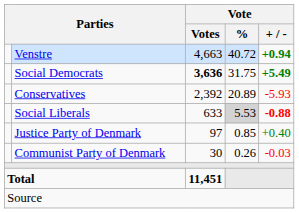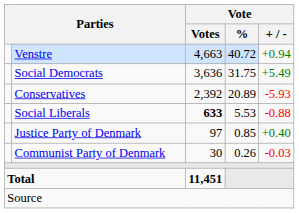 <table class="wikitable" style="text-align:right;">
 <tr>
 <th style="text-align:centre;" rowspan="2" colspan="2" width="225">Parties</th>
 <th colspan="3">Vote</th>
 </tr>
 <tr>
 <th width="15">Votes</th>
 <th width="15">%</th>
 <th width="15">+ / -</th>
 </tr>
 <tr>
 <td width="2" style="color:inherit;background:"></td>
 <td bgcolor=#cfe5fe  align="left"><a href='#'>Venstre</a></td>
 <td bgcolor=#cfe5fe>4,663</td>
 <td bgcolor=#cfe5fe>40.72</td>
-<td style=color:green;><strong>+0.94</strong></td>
+<td style=color:green;>+0.94</td>
 </tr>
 <tr>
 <td width="2" style="color:inherit;background:"></td>
 <td align="left"><a href='#'>Social Democrats</a></td>
-<td><strong>3,636</strong></td>
+<td>3,636</td>
 <td>31.75</td>
-<td style=color:green;><strong>+5.49</strong></td>
+<td style=color:green;>+5.49</td>
 </tr>
 <tr>
 <td width="2" style="color:inherit;background:"></td>
 <td align="left"><a href='#'>Conservatives</a></td>
 <td>2,392</td>
 <td>20.89</td>
 <td style=color:red;>-5.93</td>
 </tr>
 <tr>
 <td width="2" style="color:inherit;background:"></td>
 <td align="left"><a href='#'>Social Liberals</a></td>
-<td>633</td>
-<td style="background: lightgrey;">5.53</td>
-<td style=color:red;><strong>-0.88</strong></td>
+<td><strong>633</strong></td>
+<td>5.53</td>
+<td style=color:red;>-0.88</td>
 </tr>
 <tr>
 <td width="2" style="color:inherit;background:"></td>
 <td align="left"><a href='#'>Justice Party of Denmark</a></td>
 <td>97</td>
 <td>0.85</td>
 <td style=color:green;>+0.40</td>
 </tr>
 <tr>
 <td width="2" style="color:inherit;background:"></td>
 <td align="left"><a href='#'>Communist Party of Denmark</a></td>
 <td>30</td>
 <td>0.26</td>
 <td style=color:red;>-0.03</td>
 </tr>
 <tr>
 <td colspan="7" bgcolor="#E9E9E9"></td>
 </tr>
 <tr>
 <td align="left" colspan="2"><strong>Total</strong></td>
 <td><strong>11,451</strong></td>
 <td bgcolor="#E9E9E9" colspan="2"></td>
 </tr>
 <tr>
 <td align="left" colspan="6">Source</td>
 </tr>
 </table>
